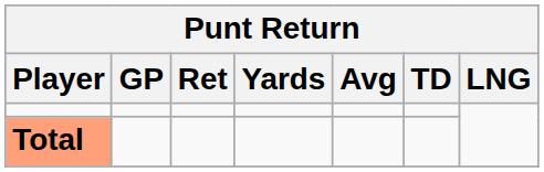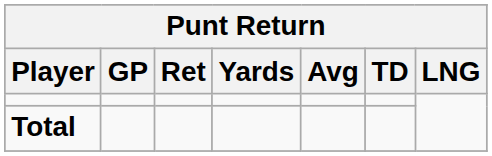 <table class="wikitable">
 <tr>
 <th colspan="7">Punt Return</th>
 </tr>
 <tr>
 <th>Player</th>
 <th>GP</th>
 <th>Ret</th>
 <th>Yards</th>
 <th>Avg</th>
 <th>TD</th>
 <th>LNG</th>
 </tr>
 <tr>
 <td></td>
 <td></td>
 <td></td>
 <td></td>
 <td></td>
 <td></td>
 </tr>
 <tr class="sortbottom">
-<td style="background: lightsalmon;"><strong>Total</strong></td>
+<td><strong>Total</strong></td>
 <td></td>
 <td></td>
 <td></td>
 <td></td>
 <td></td>
 </tr>
 </table>
